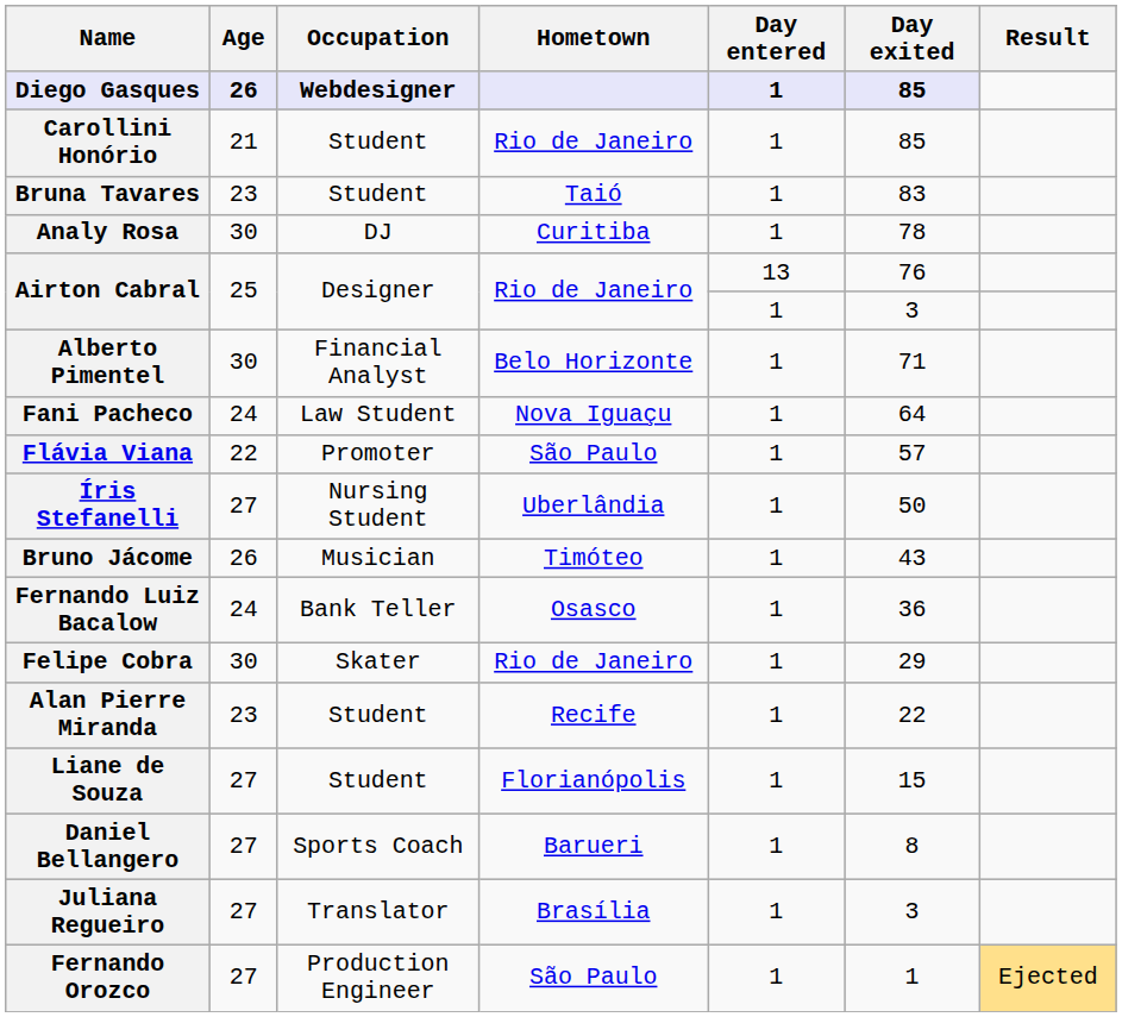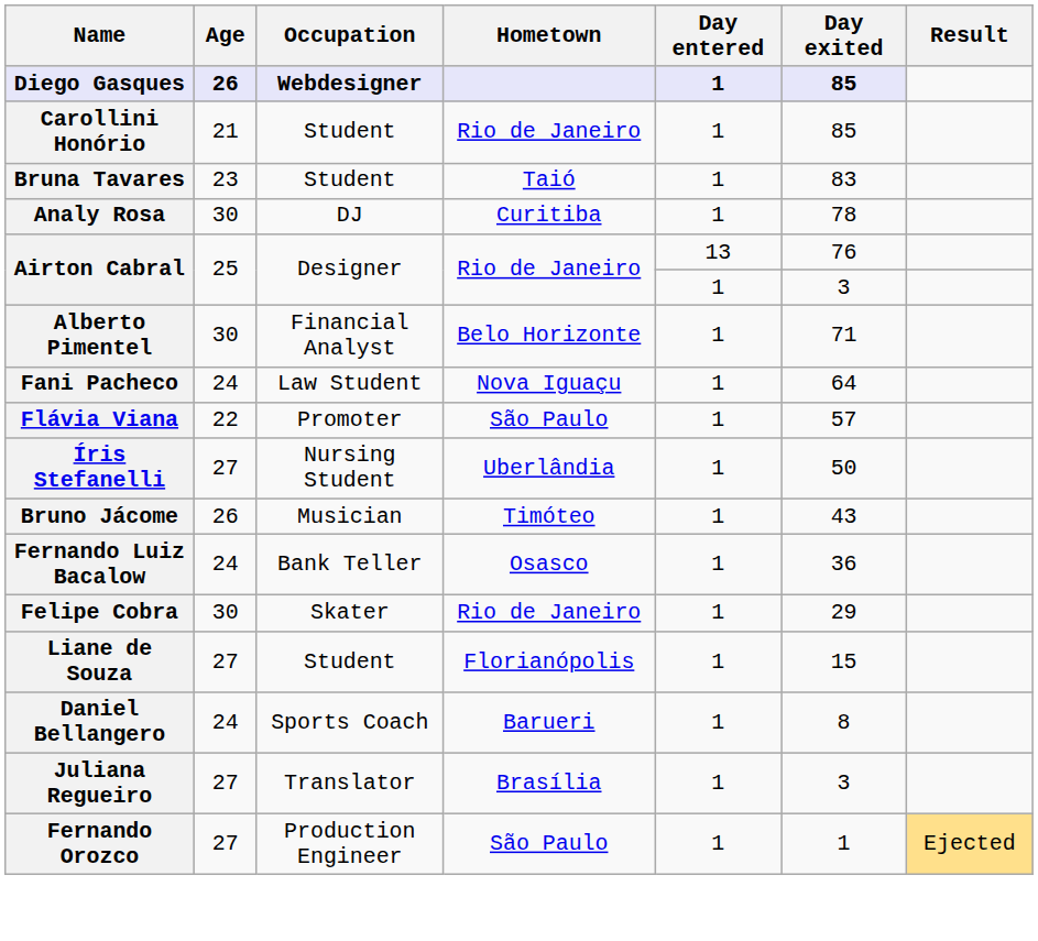 <table class="wikitable sortable" style="text-align:center;">
 <tr>
 <th scope="col" width="15.0%">Name</th>
 <th scope="col" width="05.0%">Age</th>
 <th scope="col" width="13.5%">Occupation</th>
 <th scope="col" width="13.5%">Hometown</th>
 <th scope="col" width="10.0%">Day entered</th>
 <th scope="col" width="10.0%">Day exited</th>
 <th scope="col" width="10.0%">Result</th>
 </tr>
 <tr>
 <td bgcolor="E6E6FA"><strong>Diego Gasques</strong></td>
 <td bgcolor="E6E6FA"><strong>26</strong></td>
 <td bgcolor="E6E6FA"><strong>Webdesigner</strong></td>
 <td bgcolor="E6E6FA"><strong></strong></td>
 <td bgcolor="E6E6FA"><strong>1</strong></td>
 <td bgcolor="E6E6FA"><strong>85</strong></td>
 <td></td>
 </tr>
 <tr>
 <th>Carollini Honório</th>
 <td>21</td>
 <td>Student</td>
 <td><a href='#'>Rio de Janeiro</a></td>
 <td>1</td>
 <td>85</td>
 <td></td>
 </tr>
 <tr>
 <th>Bruna Tavares</th>
 <td>23</td>
 <td>Student</td>
 <td><a href='#'>Taió</a></td>
 <td>1</td>
 <td>83</td>
 <td></td>
 </tr>
 <tr>
 <th>Analy Rosa</th>
 <td>30</td>
 <td>DJ</td>
 <td><a href='#'>Curitiba</a></td>
 <td>1</td>
 <td>78</td>
 <td></td>
 </tr>
 <tr>
 <th rowspan=2>Airton Cabral</th>
 <td rowspan=2>25</td>
 <td rowspan=2>Designer</td>
 <td rowspan=2><a href='#'>Rio de Janeiro</a></td>
 <td>13</td>
 <td>76</td>
 <td></td>
 </tr>
 <tr>
 <td>1</td>
 <td>3</td>
 <td></td>
 </tr>
 <tr>
 <th>Alberto Pimentel</th>
 <td>30</td>
 <td>Financial Analyst</td>
 <td><a href='#'>Belo Horizonte</a></td>
 <td>1</td>
 <td>71</td>
 <td></td>
 </tr>
 <tr>
 <th>Fani Pacheco</th>
 <td>24</td>
 <td>Law Student</td>
 <td><a href='#'>Nova Iguaçu</a></td>
 <td>1</td>
 <td>64</td>
 <td></td>
 </tr>
 <tr>
 <th><a href='#'>Flávia Viana</a></th>
 <td>22</td>
 <td>Promoter</td>
 <td><a href='#'>São Paulo</a></td>
 <td>1</td>
 <td>57</td>
 <td></td>
 </tr>
 <tr>
 <th><a href='#'>Íris Stefanelli</a></th>
 <td>27</td>
 <td>Nursing Student</td>
 <td><a href='#'>Uberlândia</a></td>
 <td>1</td>
 <td>50</td>
 <td></td>
 </tr>
 <tr>
 <th>Bruno Jácome</th>
 <td>26</td>
 <td>Musician</td>
 <td><a href='#'>Timóteo</a></td>
 <td>1</td>
 <td>43</td>
 <td></td>
 </tr>
 <tr>
 <th>Fernando Luiz Bacalow</th>
 <td>24</td>
 <td>Bank Teller</td>
 <td><a href='#'>Osasco</a></td>
 <td>1</td>
 <td>36</td>
 <td></td>
 </tr>
 <tr>
 <th>Felipe Cobra</th>
 <td>30</td>
 <td>Skater</td>
 <td><a href='#'>Rio de Janeiro</a></td>
 <td>1</td>
 <td>29</td>
 <td></td>
 </tr>
 <tr>
-<th>Alan Pierre Miranda</th>
-<td>23</td>
-<td>Student</td>
-<td><a href='#'>Recife</a></td>
-<td>1</td>
-<td>22</td>
-<td></td>
-</tr>
-<tr>
 <th>Liane de Souza</th>
 <td>27</td>
 <td>Student</td>
 <td><a href='#'>Florianópolis</a></td>
 <td>1</td>
 <td>15</td>
 <td></td>
 </tr>
 <tr>
 <th>Daniel Bellangero</th>
-<td>27</td>
+<td>24</td>
 <td>Sports Coach</td>
 <td><a href='#'>Barueri</a></td>
 <td>1</td>
 <td>8</td>
 <td></td>
 </tr>
 <tr>
 <th>Juliana Regueiro</th>
 <td>27</td>
 <td>Translator</td>
 <td><a href='#'>Brasília</a></td>
 <td>1</td>
 <td>3</td>
 <td></td>
 </tr>
 <tr>
 <th>Fernando Orozco</th>
 <td>27</td>
 <td>Production Engineer</td>
 <td><a href='#'>São Paulo</a></td>
 <td>1</td>
 <td>1</td>
 <td bgcolor=FFE08B>Ejected</td>
 </tr>
 </table>
